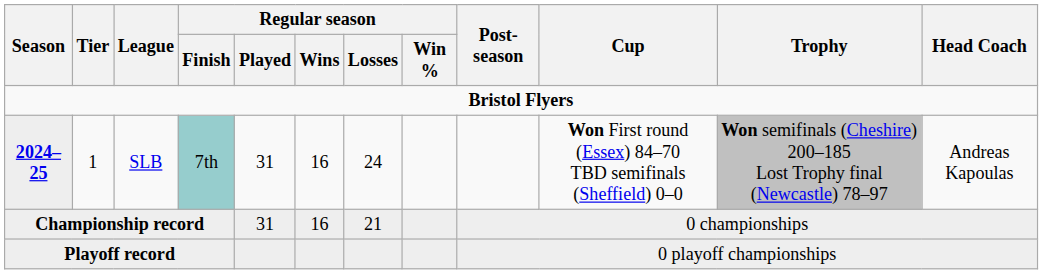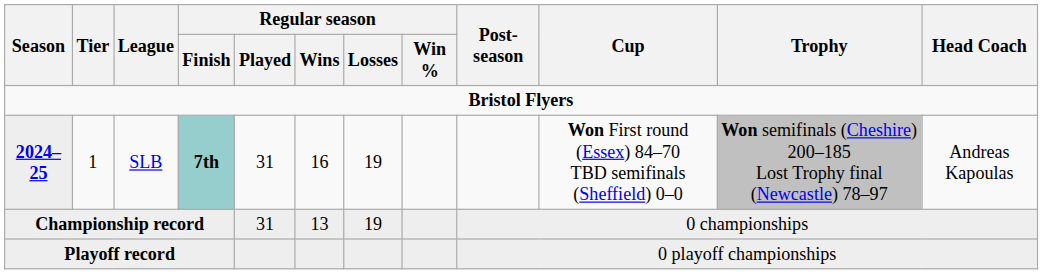 <table class="wikitable" style="font-size:95%; text-align:center">
 <tr>
 <th rowspan=2>Season</th>
 <th rowspan=2>Tier</th>
 <th rowspan=2>League</th>
 <th colspan=5>Regular season</th>
 <th rowspan=2>Post-season</th>
 <th rowspan=2>Cup</th>
 <th rowspan=2>Trophy</th>
 <th rowspan=2>Head Coach</th>
 </tr>
 <tr>
 <th>Finish</th>
 <th>Played</th>
 <th>Wins</th>
 <th>Losses</th>
 <th>Win %</th>
 </tr>
 <tr>
 <td colspan="12" align="center"><strong>Bristol Flyers</strong></td>
 </tr>
 <tr>
 <th style="background:#eee;"><a href='#'>2024–25</a></th>
 <td style="text-align:center;">1</td>
 <td style="text-align:center;"><a href='#'>SLB</a></td>
-<td style="text-align:center;background-color:#96CDCD;">7th</td>
+<td style="text-align:center;background-color:#96CDCD;"><strong>7th</strong></td>
 <td style="text-align:center;">31</td>
 <td style="text-align:center;">16</td>
-<td style="text-align:center;">24</td>
+<td style="text-align:center;">19</td>
 <td style="text-align:center;"></td>
 <td style="text-align:center;background-color:#;"></td>
 <td style="text-align:center;background-color:#;"><strong>Won</strong> First round (<a href='#'>Essex</a>) 84–70<br>TBD semifinals (<a href='#'>Sheffield</a>) 0–0</td>
 <td style="text-align:center;background-color:silver;"><strong>Won</strong> semifinals (<a href='#'>Cheshire</a>) 200–185<br>Lost Trophy final (<a href='#'>Newcastle</a>) 78–97</td>
 <td style="text-align:center;">Andreas Kapoulas</td>
 </tr>
 <tr>
 <th colspan=4 style="background:#eee;">Championship record</th>
 <td style="background:#eee;">31</td>
-<td style="background:#eee;">16</td>
-<td style="background:#eee;">21</td>
+<td style="background:#eee;">13</td>
+<td style="background:#eee;">19</td>
 <td style="background:#eee;"></td>
 <td colspan="4" style="background:#eee;">0 championships</td>
 </tr>
 <tr>
 <th colspan=4 style="background:#eee;">Playoff record</th>
 <td style="background:#eee;"></td>
 <td style="background:#eee;"></td>
 <td style="background:#eee;"></td>
 <td style="background:#eee;"></td>
 <td colspan="4" style="background:#eee;">0 playoff championships</td>
 </tr>
 </table>
